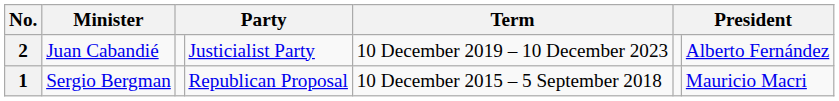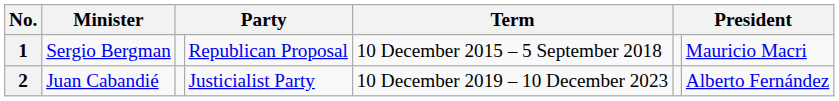 <table class="wikitable">
 <tr>
 <th>No.</th>
 <th>Minister</th>
 <th colspan="2">Party</th>
 <th>Term</th>
 <th colspan="2">President</th>
+</tr>
+<tr>
+<th>1</th>
+<td><a href='#'>Sergio Bergman</a></td>
+<td></td>
+<td><a href='#'>Republican Proposal</a></td>
+<td>10 December 2015 – 5 September 2018</td>
+<td></td>
+<td><a href='#'>Mauricio Macri</a></td>
 </tr>
 <tr>
 <th>2</th>
 <td><a href='#'>Juan Cabandié</a></td>
 <td></td>
 <td><a href='#'>Justicialist Party</a></td>
 <td>10 December 2019 – 10 December 2023</td>
 <td></td>
 <td><a href='#'>Alberto Fernández</a></td>
 </tr>
-<tr>
-<th>1</th>
-<td><a href='#'>Sergio Bergman</a></td>
-<td></td>
-<td><a href='#'>Republican Proposal</a></td>
-<td>10 December 2015 – 5 September 2018</td>
-<td></td>
-<td><a href='#'>Mauricio Macri</a></td>
-</tr>
 </table>
